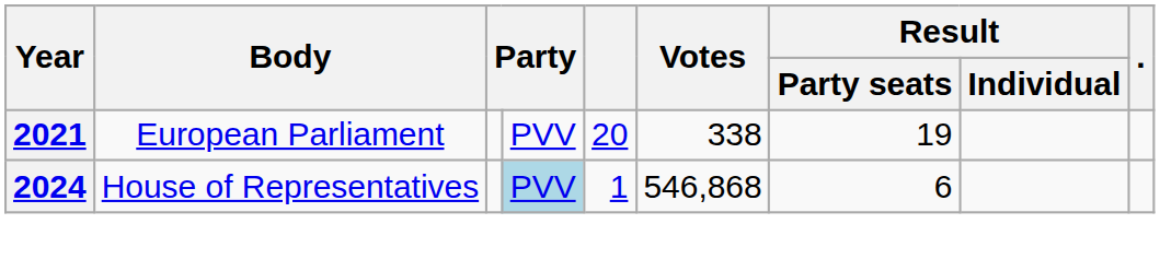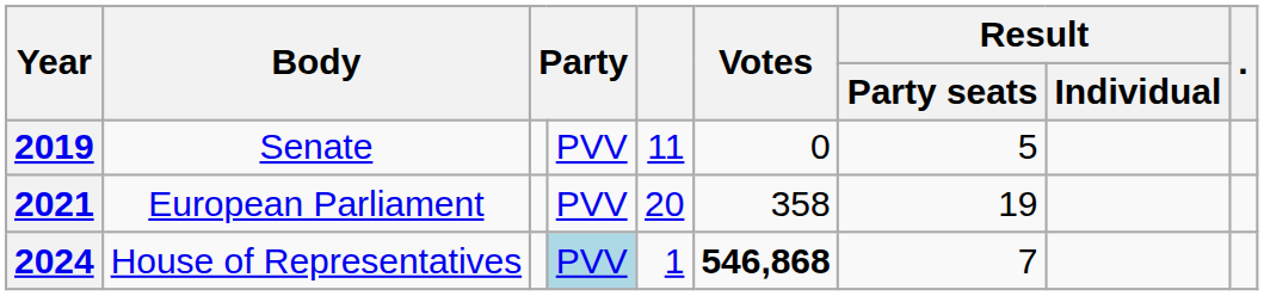 <table class="wikitable plainrowheaders sortable" border=2 cellpadding=4 cellspacing=0 style="border: 1px #aaa solid; font-size: 90%; text-align:center;">
 <tr>
 <th scope="col" rowspan=2>Year</th>
 <th scope="col" rowspan=2>Body</th>
 <th scope="col" colspan=2 rowspan=2>Party</th>
 <th scope="col" rowspan=2></th>
 <th scope="col" rowspan=2>Votes</th>
 <th scope="colgroup" colspan=2>Result</th>
 <th scope="col" rowspan=2>.</th>
 </tr>
 <tr>
 <th scope="col">Party seats</th>
 <th scope="col">Individual</th>
 </tr>
 <tr>
+<th scope="row"><a href='#'>2019</a></th>
+<td><a href='#'>Senate</a></td>
+<td style="background-color:"></td>
+<td><a href='#'> PVV</a></td>
+<td style=text-align:right><a href='#'>11</a></td>
+<td style=text-align:right>0</td>
+<td style=text-align:right>5</td>
+<td></td>
+<td></td>
+</tr>
+<tr>
 <th scope="row"><a href='#'>2021</a></th>
 <td><a href='#'>European Parliament</a></td>
 <td style="background-color:"></td>
 <td><a href='#'>PVV</a></td>
 <td style=text-align:right><a href='#'>20</a></td>
-<td style=text-align:right>338</td>
+<td style=text-align:right>358</td>
 <td style=text-align:right>19</td>
 <td></td>
 <td></td>
 </tr>
 <tr>
 <th scope="row"><a href='#'>2024</a></th>
 <td><a href='#'>House of Representatives</a></td>
 <td style="background-color:"></td>
 <td style="background: lightblue;"><a href='#'> PVV</a></td>
 <td style=text-align:right><a href='#'>1</a></td>
-<td style=text-align:right>546,868</td>
-<td style=text-align:right>6</td>
+<td style=text-align:right><strong>546,868</strong></td>
+<td style=text-align:right>7</td>
 <td></td>
 <td></td>
 </tr>
 </table>
